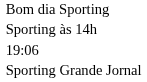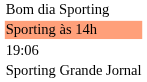 <table>
 <tr>
 <td>Bom dia Sporting</td>
 </tr>
 <tr>
-<td>Sporting às 14h</td>
+<td style="background: lightsalmon;">Sporting às 14h</td>
 </tr>
 <tr>
 <td>19:06</td>
 </tr>
 <tr>
 <td>Sporting Grande Jornal</td>
 </tr>
 </table>
